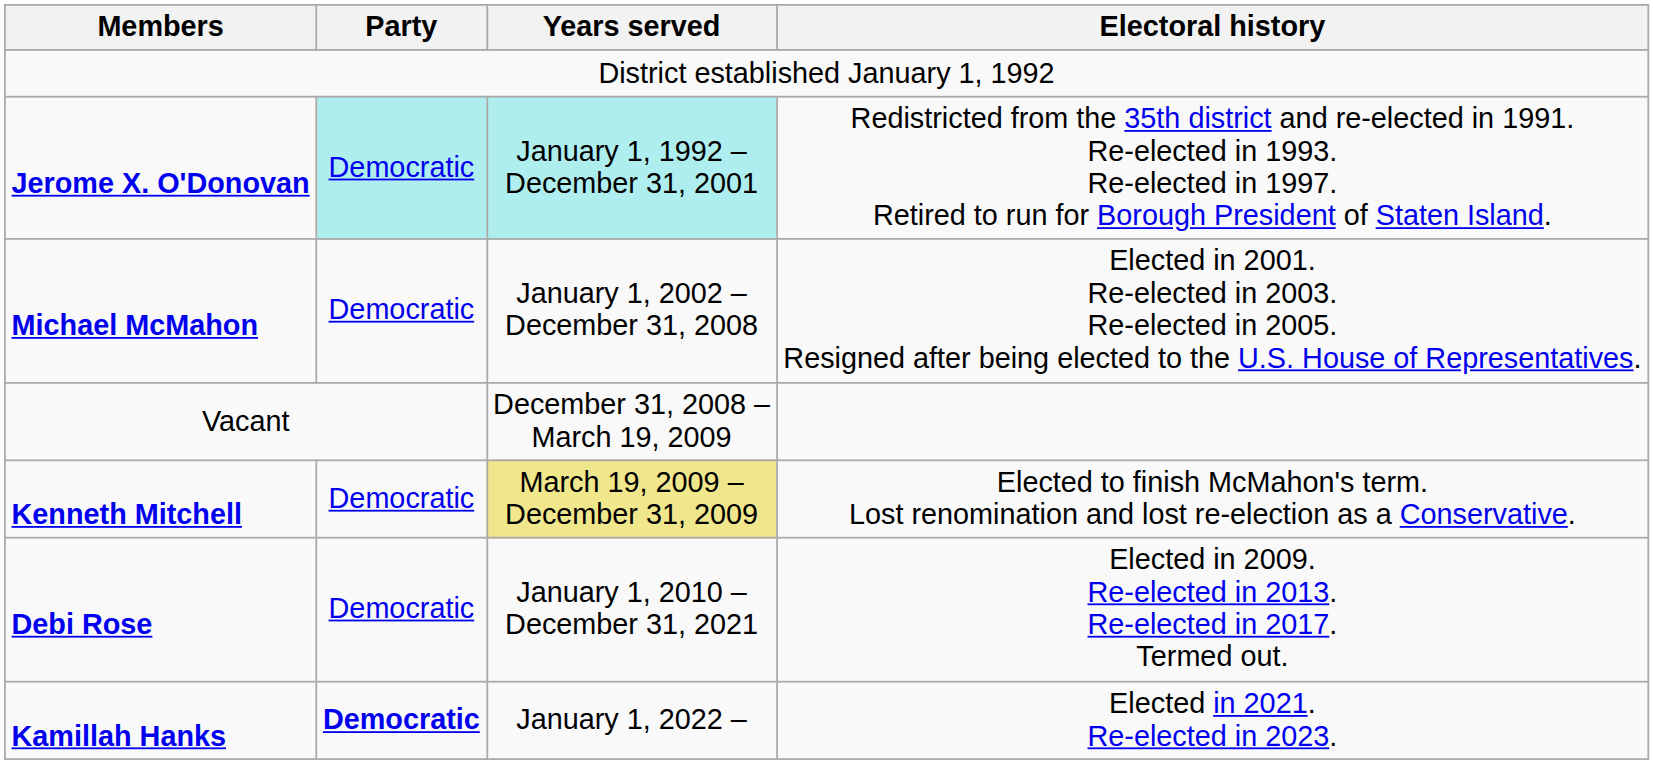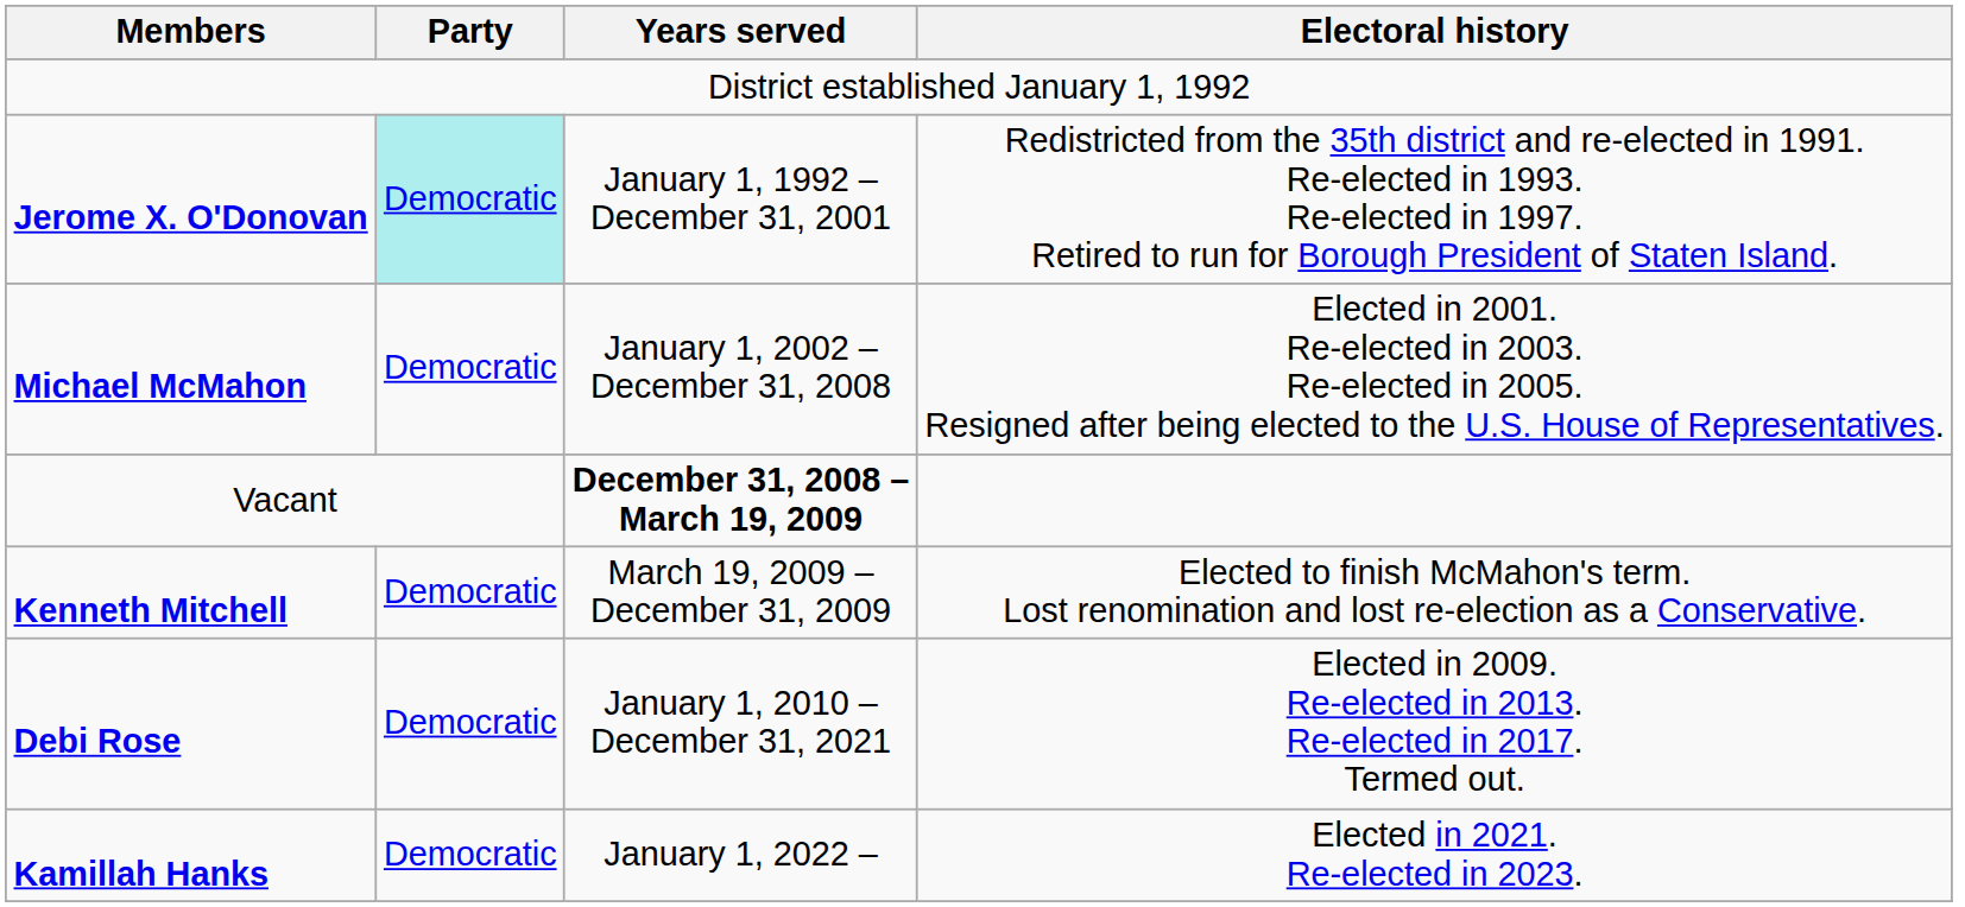 <table class=wikitable style="text-align:center">
 <tr>
 <th>Members</th>
 <th>Party</th>
 <th>Years served</th>
 <th>Electoral history</th>
 </tr>
 <tr>
 <td colspan=5>District established January 1, 1992</td>
 </tr>
 <tr>
 <td align=left><br><strong><a href='#'>Jerome X. O'Donovan</a></strong><br></td>
 <td style="background: paleturquoise;"><a href='#'>Democratic</a></td>
-<td style="background: paleturquoise;">January 1, 1992 – <br> December 31, 2001</td>
+<td>January 1, 1992 – <br> December 31, 2001</td>
 <td>Redistricted from the <a href='#'>35th district</a> and re-elected in 1991. <br> Re-elected in 1993. <br> Re-elected in 1997. <br> Retired to run for <a href='#'>Borough President</a> of <a href='#'>Staten Island</a>.</td>
 </tr>
 <tr>
 <td align=left><br><strong><a href='#'>Michael McMahon</a></strong><br></td>
 <td><a href='#'>Democratic</a></td>
 <td>January 1, 2002 – <br> December 31, 2008</td>
 <td>Elected in 2001. <br> Re-elected in 2003. <br> Re-elected in 2005. <br> Resigned after being elected to the <a href='#'>U.S. House of Representatives</a>.</td>
 </tr>
 <tr>
 <td colspan="2">Vacant</td>
-<td nowrap>December 31, 2008 – <br> March 19, 2009</td>
+<td nowrap><strong>December 31, 2008 – <br> March 19, 2009</strong></td>
 <td></td>
 </tr>
 <tr>
 <td align=left><br><strong><a href='#'>Kenneth Mitchell</a></strong><br></td>
 <td><a href='#'>Democratic</a></td>
-<td style="background: khaki;">March 19, 2009 – <br> December 31, 2009</td>
+<td>March 19, 2009 – <br> December 31, 2009</td>
 <td>Elected to finish McMahon's term. <br> Lost renomination and lost re-election as a <a href='#'>Conservative</a>.</td>
 </tr>
 <tr>
 <td align=left><br><strong><a href='#'>Debi Rose</a></strong><br></td>
 <td><a href='#'>Democratic</a></td>
 <td>January 1, 2010 – <br> December 31, 2021</td>
 <td>Elected in 2009. <br> <a href='#'>Re-elected in 2013</a>. <br> <a href='#'>Re-elected in 2017</a>. <br> Termed out.</td>
 </tr>
 <tr>
 <td align=left><br><strong><a href='#'>Kamillah Hanks</a></strong><br></td>
-<td><strong><a href='#'>Democratic</a></strong></td>
+<td><a href='#'>Democratic</a></td>
 <td>January 1, 2022 – <br></td>
 <td>Elected <a href='#'>in 2021</a>. <br> <a href='#'>Re-elected in 2023</a>.</td>
 </tr>
 </table>
